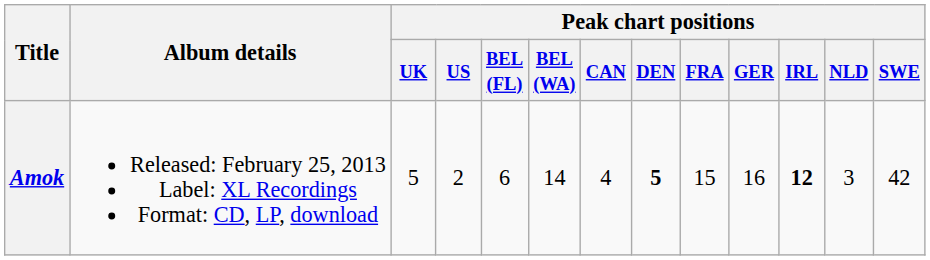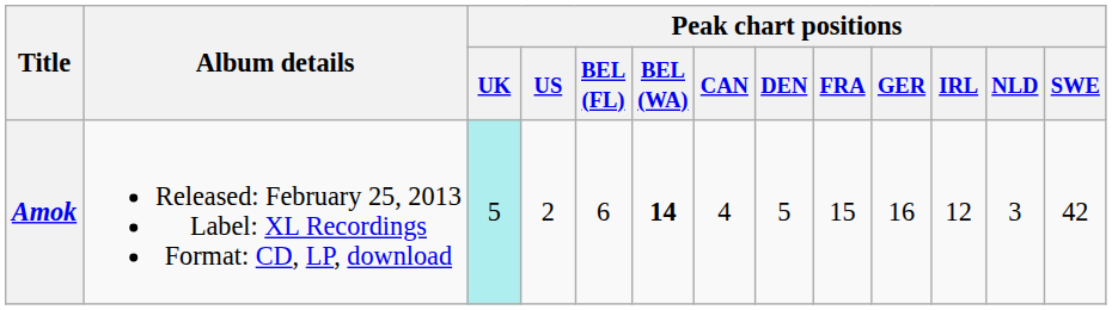 <table class="wikitable plainrowheaders" style="text-align:center;">
 <tr>
 <th scope=col rowspan="2">Title</th>
 <th scope=col rowspan="2">Album details</th>
 <th scope=col colspan="11">Peak chart positions</th>
 </tr>
 <tr>
 <th width="25"><small><a href='#'>UK</a></small></th>
 <th width="25"><small><a href='#'>US</a></small></th>
 <th width="25"><small><a href='#'>BEL<br>(FL)</a></small></th>
 <th width="25"><small><a href='#'>BEL<br>(WA)</a></small></th>
 <th width="25"><small><a href='#'>CAN</a></small></th>
 <th width="25"><small><a href='#'>DEN</a></small></th>
 <th width="25"><small><a href='#'>FRA</a></small></th>
 <th width="25"><small><a href='#'>GER</a></small></th>
 <th width="25"><small><a href='#'>IRL</a></small></th>
 <th width="25"><small><a href='#'>NLD</a></small></th>
 <th width="25"><small><a href='#'>SWE</a></small></th>
 </tr>
 <tr>
 <th scope="row" style="text-align:left;"><em><a href='#'>Amok</a></em></th>
 <td><br><ul><li>Released: February 25, 2013</li><li>Label: <a href='#'>XL Recordings</a></li><li>Format: <a href='#'>CD</a>, <a href='#'>LP</a>, <a href='#'>download</a></li></ul></td>
-<td>5</td>
+<td style="background: paleturquoise;">5</td>
 <td>2</td>
 <td>6</td>
-<td>14</td>
+<td><strong>14</strong></td>
 <td>4</td>
-<td><strong>5</strong></td>
+<td>5</td>
 <td>15</td>
 <td>16</td>
-<td><strong>12</strong></td>
+<td>12</td>
 <td>3</td>
 <td>42</td>
 </tr>
 </table>
